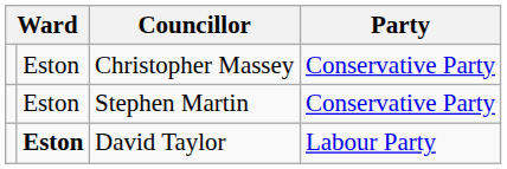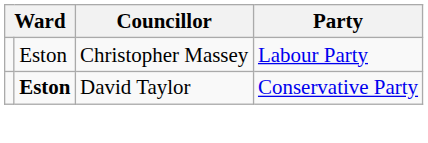 <table class="wikitable">
 <tr>
 <th colspan="2">Ward</th>
 <th>Councillor</th>
 <th>Party</th>
 </tr>
 <tr>
 <td style="background-color: "></td>
 <td>Eston</td>
 <td>Christopher Massey</td>
-<td><a href='#'>Conservative Party</a></td>
-</tr>
-<tr>
-<td style="background-color: "></td>
-<td>Eston</td>
-<td>Stephen Martin</td>
-<td><a href='#'>Conservative Party</a></td>
+<td><a href='#'>Labour Party</a></td>
 </tr>
 <tr>
 <td style="background-color: "></td>
 <td><strong>Eston</strong></td>
 <td>David Taylor</td>
-<td><a href='#'>Labour Party</a></td>
+<td><a href='#'>Conservative Party</a></td>
 </tr>
 </table>
